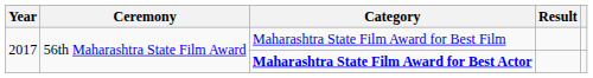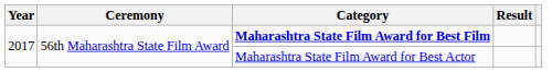 <table class="wikitable">
 <tr>
 <th>Year</th>
 <th>Ceremony</th>
 <th>Category</th>
 <th>Result</th>
 <th></th>
 </tr>
 <tr>
 <td Rowspan="2">2017</td>
 <td Rowspan="2">56th <a href='#'>Maharashtra State Film Award</a></td>
-<td><a href='#'>Maharashtra State Film Award for Best Film</a></td>
+<td><strong><a href='#'>Maharashtra State Film Award for Best Film</a></strong></td>
 <td></td>
 <td></td>
 </tr>
 <tr>
-<td><strong><a href='#'>Maharashtra State Film Award for Best Actor</a></strong></td>
+<td><a href='#'>Maharashtra State Film Award for Best Actor</a></td>
 <td></td>
 <td></td>
 </tr>
 </table>
